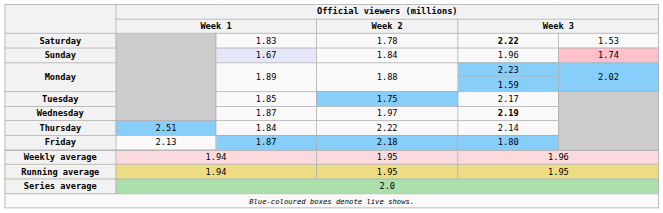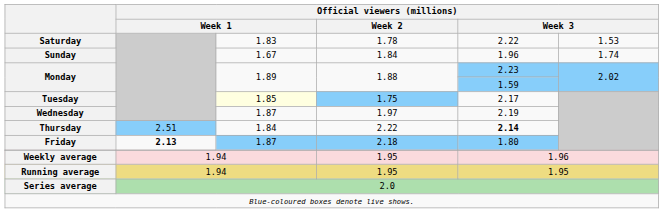 <table class="wikitable" style="font-size:90%; text-align:center; width: 70%; margin-left: auto; margin-right: auto;">
 <tr>
 <th scope="col" rowspan="2" style="width:17%;"></th>
 <th scope=col colspan=5>Official viewers (millions)</th>
 </tr>
 <tr>
 <th colspan=2>Week 1</th>
 <th>Week 2</th>
 <th colspan=2>Week 3</th>
 </tr>
 <tr>
 <th>Saturday</th>
 <td style="background:#ccc;" rowspan="6"></td>
 <td>1.83</td>
 <td>1.78</td>
-<td><strong>2.22</strong></td>
+<td>2.22</td>
 <td>1.53</td>
 </tr>
 <tr>
 <th>Sunday</th>
-<td style="background: lavender;">1.67</td>
+<td>1.67</td>
 <td>1.84</td>
 <td>1.96</td>
-<td style="background: pink;">1.74</td>
+<td>1.74</td>
 </tr>
 <tr>
 <th rowspan=2>Monday</th>
 <td rowspan=2>1.89</td>
 <td rowspan=2>1.88</td>
 <td style="background:#87CEFA;">2.23</td>
 <td rowspan="2" style="background:#87CEFA;">2.02</td>
 </tr>
 <tr>
 <td style="background:#87CEFA;">1.59</td>
 </tr>
 <tr>
 <th>Tuesday</th>
-<td>1.85</td>
+<td style="background: lightyellow;">1.85</td>
 <td style="background:#87CEFA;">1.75</td>
 <td>2.17</td>
 <td rowspan="4" bgcolor="#ccc"></td>
 </tr>
 <tr>
 <th>Wednesday</th>
 <td>1.87</td>
 <td>1.97</td>
-<td><strong>2.19</strong></td>
+<td>2.19</td>
 </tr>
 <tr>
 <th>Thursday</th>
 <td style="background:#87CEFA;">2.51</td>
 <td>1.84</td>
 <td>2.22</td>
-<td>2.14</td>
+<td><strong>2.14</strong></td>
 </tr>
 <tr>
 <th>Friday</th>
-<td>2.13</td>
+<td><strong>2.13</strong></td>
 <td style="background:#87CEFA;">1.87</td>
 <td style="background:#87CEFA;">2.18</td>
 <td style="background:#87CEFA;">1.80</td>
 </tr>
 <tr>
 </tr>
 <tr style="background:#FADADD;" |>
 <th>Weekly average</th>
 <td colspan=2>1.94</td>
 <td>1.95</td>
 <td colspan=2>1.96</td>
 </tr>
 <tr style="background:#EEDC82;" |>
 <th>Running average</th>
 <td colspan=2>1.94</td>
 <td>1.95</td>
 <td colspan=2>1.95</td>
 </tr>
 <tr style="background:#ADDFAD;" |>
 <th>Series average</th>
 <td colspan="5">2.0</td>
 </tr>
 <tr>
 <td colspan=6><small><em>Blue-coloured boxes denote live shows.</em></small></td>
 </tr>
 </table>
